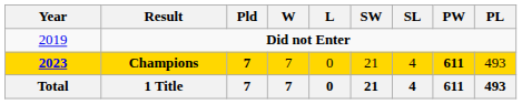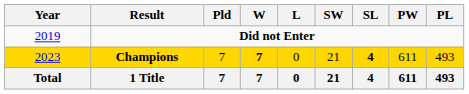 <table class="wikitable" style="text-align: center;font-size:90%;">
 <tr>
 <th width=90>Year</th>
 <th width=120>Result</th>
 <th width=35>Pld</th>
 <th width=35>W</th>
 <th width=35>L</th>
 <th width=35>SW</th>
 <th width=35>SL</th>
 <th width=35>PW</th>
 <th width=35>PL</th>
 </tr>
 <tr bgcolor=>
 <td> <a href='#'>2019</a></td>
 <td colspan=8><strong>Did not Enter</strong></td>
 </tr>
 <tr bgcolor=gold>
-<td><strong> <a href='#'>2023</a></strong></td>
+<td> <a href='#'>2023</a></td>
 <td><strong>Champions</strong></td>
+<td>7</td>
 <td><strong>7</strong></td>
-<td>7</td>
 <td>0</td>
 <td>21</td>
-<td>4</td>
-<td><strong>611</strong></td>
+<td><strong>4</strong></td>
+<td>611</td>
 <td>493</td>
 </tr>
 <tr>
 <th>Total</th>
 <th>1 Title</th>
 <th>7</th>
 <th>7</th>
 <th>0</th>
 <th>21</th>
 <th>4</th>
 <th>611</th>
 <th>493</th>
 </tr>
 </table>
